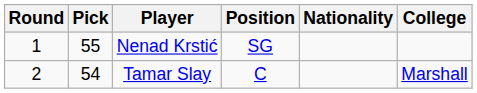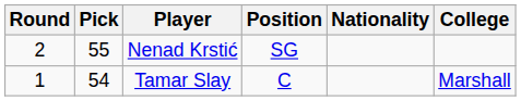 <table class="wikitable sortable sortable">
 <tr>
 <th>Round</th>
 <th>Pick</th>
 <th>Player</th>
 <th>Position</th>
 <th>Nationality</th>
 <th>College</th>
 </tr>
 <tr style="text-align: center">
-<td>1</td>
+<td>2</td>
 <td>55</td>
 <td><a href='#'>Nenad Krstić</a></td>
 <td><a href='#'>SG</a></td>
 <td></td>
 <td></td>
 </tr>
 <tr style="text-align: center">
-<td>2</td>
+<td>1</td>
 <td>54</td>
 <td><a href='#'>Tamar Slay</a></td>
 <td><a href='#'>C</a></td>
 <td></td>
 <td><a href='#'>Marshall</a></td>
 </tr>
 </table>
